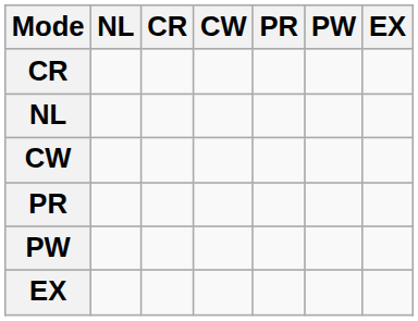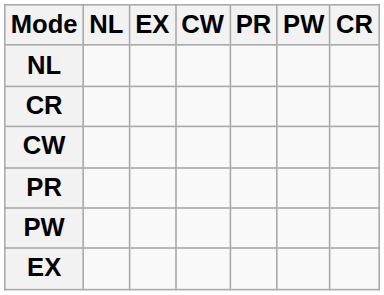 <table class="wikitable">
 <tr>
 <th>Mode</th>
 <th>NL</th>
-<th>CR</th>
+<th>EX</th>
 <th>CW</th>
 <th>PR</th>
 <th>PW</th>
-<th>EX</th>
+<th>CR</th>
 </tr>
 <tr>
-<th>CR</th>
+<th>NL</th>
 <td></td>
 <td></td>
 <td></td>
 <td></td>
 <td></td>
 <td></td>
 </tr>
 <tr>
-<th>NL</th>
+<th>CR</th>
 <td></td>
 <td></td>
 <td></td>
 <td></td>
 <td></td>
 <td></td>
 </tr>
 <tr>
 <th>CW</th>
 <td></td>
 <td></td>
 <td></td>
 <td></td>
 <td></td>
 <td></td>
 </tr>
 <tr>
 <th>PR</th>
 <td></td>
 <td></td>
 <td></td>
 <td></td>
 <td></td>
 <td></td>
 </tr>
 <tr>
 <th>PW</th>
 <td></td>
 <td></td>
 <td></td>
 <td></td>
 <td></td>
 <td></td>
 </tr>
 <tr>
 <th>EX</th>
 <td></td>
 <td></td>
 <td></td>
 <td></td>
 <td></td>
 <td></td>
 </tr>
 </table>
